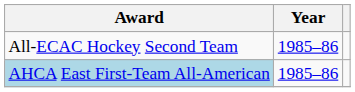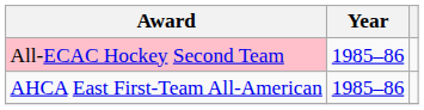 <table class="wikitable">
 <tr>
 <th>Award</th>
 <th>Year</th>
 <th></th>
 </tr>
 <tr>
-<td>All-<a href='#'>ECAC Hockey</a> <a href='#'>Second Team</a></td>
+<td style="background: pink;">All-<a href='#'>ECAC Hockey</a> <a href='#'>Second Team</a></td>
 <td><a href='#'>1985–86</a></td>
 <td></td>
 </tr>
 <tr>
-<td style="background: lightblue;"><a href='#'>AHCA</a> <a href='#'>East First-Team All-American</a></td>
+<td><a href='#'>AHCA</a> <a href='#'>East First-Team All-American</a></td>
 <td><a href='#'>1985–86</a></td>
 <td></td>
 </tr>
 <tr>
 </tr>
 </table>
